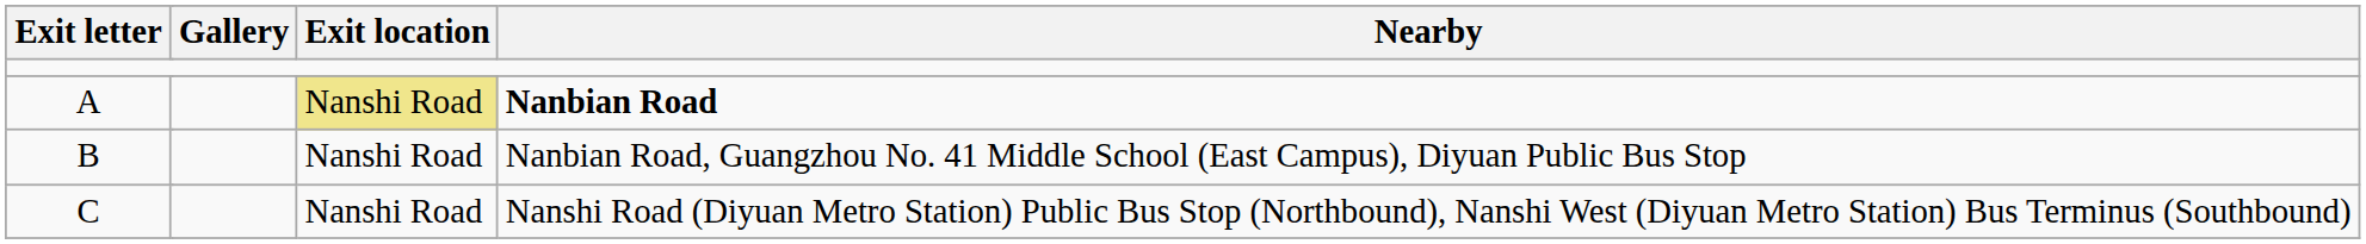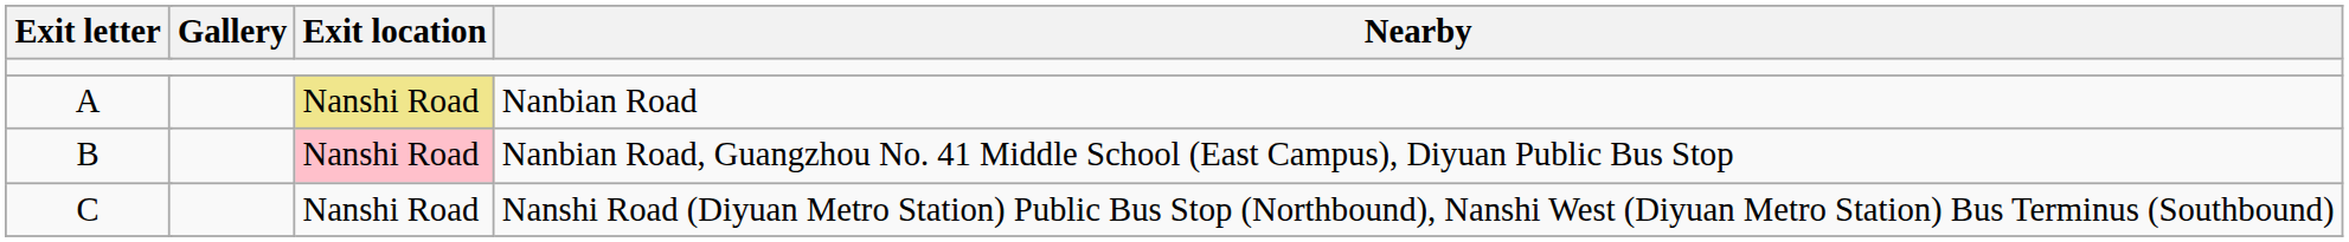 <table class="wikitable">
 <tr>
 <th style="width:70px" colspan="3">Exit letter</th>
 <th>Gallery</th>
 <th>Exit location</th>
 <th>Nearby</th>
 </tr>
 <tr style="background:#">
 <td colspan = "6"></td>
 </tr>
 <tr>
 <td align="center" colspan="3">A</td>
 <td></td>
 <td style="background: khaki;">Nanshi Road</td>
-<td><strong>Nanbian Road</strong></td>
+<td>Nanbian Road</td>
 </tr>
 <tr>
 <td align="center" colspan="3">B</td>
 <td></td>
-<td>Nanshi Road</td>
+<td style="background: pink;">Nanshi Road</td>
 <td>Nanbian Road, Guangzhou No. 41 Middle School (East Campus), Diyuan Public Bus Stop</td>
 </tr>
 <tr>
 <td align="center" colspan="3">C</td>
 <td><br></td>
 <td>Nanshi Road</td>
 <td>Nanshi Road (Diyuan Metro Station) Public Bus Stop (Northbound), Nanshi West (Diyuan Metro Station) Bus Terminus (Southbound)</td>
 </tr>
 </table>
